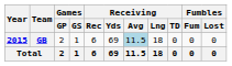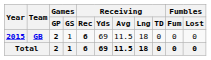 <table class="wikitable" style="text-align: center;">
 <tr>
 <th rowspan="2">Year</th>
 <th rowspan="2">Team</th>
 <th colspan="2">Games</th>
 <th colspan="5">Receiving</th>
 <th colspan="2">Fumbles</th>
 </tr>
 <tr>
 <th>GP</th>
 <th>GS</th>
 <th>Rec</th>
 <th>Yds</th>
 <th>Avg</th>
 <th>Lng</th>
 <th>TD</th>
 <th>Fum</th>
 <th>Lost</th>
 </tr>
 <tr>
 <th><a href='#'>2015</a></th>
 <th><a href='#'>GB</a></th>
-<td>2</td>
+<td><strong>2</strong></td>
 <td>1</td>
-<td>6</td>
+<td><strong>6</strong></td>
 <td>69</td>
-<td style="background: lightblue;">11.5</td>
+<td>11.5</td>
 <td>18</td>
 <td>0</td>
 <td>0</td>
 <td>0</td>
 </tr>
 <tr>
 <th colspan="2">Total</th>
 <th>2</th>
 <th>1</th>
 <th>6</th>
 <th>69</th>
 <th>11.5</th>
 <th>18</th>
 <th>0</th>
 <th>0</th>
 <th>0</th>
 </tr>
 </table>
